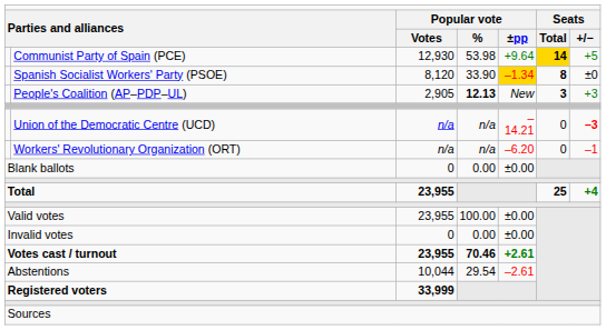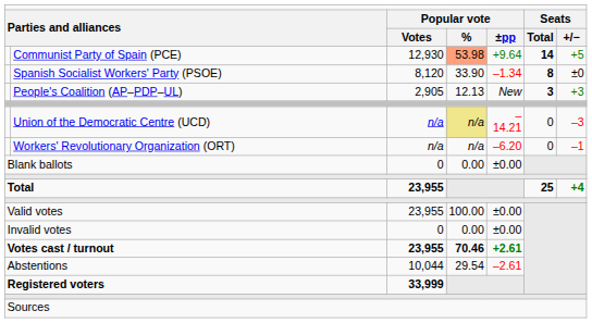 <table class="wikitable" style="text-align:right;">
 <tr>
 <td colspan="7"></td>
 </tr>
 <tr>
 <th style="text-align:left;" rowspan="2" colspan="2" width="525">Parties and alliances</th>
 <th colspan="3">Popular vote</th>
 <th colspan="2">Seats</th>
 </tr>
 <tr>
 <th width="75">Votes</th>
 <th width="45">%</th>
 <th width="45">±<a href='#'>pp</a></th>
 <th width="35">Total</th>
 <th width="35">+/−</th>
 </tr>
 <tr>
 <td width="1" style="color:inherit;background:"></td>
 <td align="left"><a href='#'>Communist Party of Spain</a> (PCE)</td>
 <td>12,930</td>
-<td>53.98</td>
+<td style="background: lightsalmon;">53.98</td>
 <td style="color:green;">+9.64</td>
-<td style="background: gold;"><strong>14</strong></td>
+<td><strong>14</strong></td>
 <td style="color:green;">+5</td>
 </tr>
 <tr>
 <td style="color:inherit;background:"></td>
 <td align="left"><a href='#'>Spanish Socialist Workers' Party</a> (PSOE)</td>
 <td>8,120</td>
 <td>33.90</td>
-<td style="background: gold; color:red;">–1.34</td>
+<td style="color:red;">–1.34</td>
 <td><strong>8</strong></td>
 <td>±0</td>
 </tr>
 <tr>
 <td style="color:inherit;background:"></td>
 <td align="left"><a href='#'>People's Coalition</a> (<a href='#'>AP</a>–<a href='#'>PDP</a>–<a href='#'>UL</a>)</td>
 <td>2,905</td>
-<td><strong>12.13</strong></td>
+<td>12.13</td>
 <td><em>New</em></td>
 <td><strong>3</strong></td>
 <td style="color:green;">+3</td>
 </tr>
 <tr>
 <td colspan="7" bgcolor="#C0C0C0"></td>
 </tr>
 <tr>
 <td style="color:inherit;background:"></td>
 <td align="left"><a href='#'>Union of the Democratic Centre</a> (UCD)</td>
 <td><em><a href='#'>n/a</a></em></td>
-<td><em>n/a</em></td>
+<td style="background: khaki;"><em>n/a</em></td>
 <td style="color:red;">–14.21</td>
 <td>0</td>
-<td style="color:red;"><strong>–3</strong></td>
+<td style="color:red;">–3</td>
 </tr>
 <tr>
 <td style="color:inherit;background:"></td>
 <td align="left"><a href='#'>Workers' Revolutionary Organization</a> (ORT)</td>
 <td><em>n/a</em></td>
 <td><em>n/a</em></td>
 <td style="color:red;">–6.20</td>
 <td>0</td>
 <td style="color:red;">–1</td>
 </tr>
 <tr>
 <td align="left" colspan="2">Blank ballots</td>
 <td>0</td>
 <td>0.00</td>
 <td>±0.00</td>
 <td bgcolor="#E9E9E9" colspan="2"></td>
 </tr>
 <tr>
 <td colspan="7" bgcolor="#E9E9E9"></td>
 </tr>
 <tr style="font-weight:bold;">
 <td align="left" colspan="2">Total</td>
 <td>23,955</td>
 <td bgcolor="#E9E9E9" colspan="2"></td>
 <td>25</td>
 <td style="color:green;">+4</td>
 </tr>
 <tr>
 <td colspan="7" bgcolor="#E9E9E9"></td>
 </tr>
 <tr>
 <td align="left" colspan="2">Valid votes</td>
 <td>23,955</td>
 <td>100.00</td>
 <td>±0.00</td>
 <td bgcolor="#E9E9E9" colspan="2" rowspan="5"></td>
 </tr>
 <tr>
 <td align="left" colspan="2">Invalid votes</td>
 <td>0</td>
 <td>0.00</td>
 <td>±0.00</td>
 </tr>
 <tr style="font-weight:bold;">
 <td align="left" colspan="2">Votes cast / turnout</td>
 <td>23,955</td>
 <td>70.46</td>
 <td style="color:green;">+2.61</td>
 </tr>
 <tr>
 <td align="left" colspan="2">Abstentions</td>
 <td>10,044</td>
 <td>29.54</td>
 <td style="color:red;">–2.61</td>
 </tr>
 <tr style="font-weight:bold;">
 <td align="left" colspan="2">Registered voters</td>
 <td>33,999</td>
 <td bgcolor="#E9E9E9" colspan="2"></td>
 </tr>
 <tr>
 <td colspan="7" bgcolor="#E9E9E9"></td>
 </tr>
 <tr>
 <td align="left" colspan="7">Sources</td>
 </tr>
 </table>
